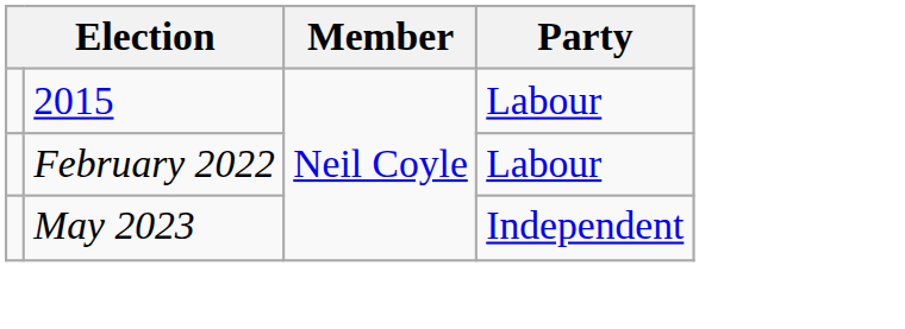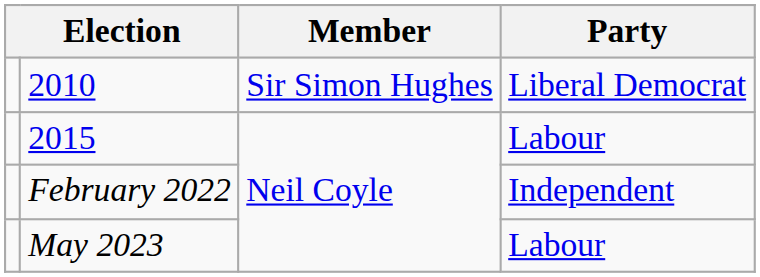 <table class="wikitable">
 <tr>
 <th colspan="2">Election</th>
 <th>Member</th>
 <th>Party</th>
+</tr>
+<tr>
+<td style="color:inherit;background-color: "></td>
+<td><a href='#'>2010</a></td>
+<td><a href='#'> Sir Simon Hughes</a></td>
+<td><a href='#'>Liberal Democrat</a></td>
 </tr>
 <tr>
 <td style="color:inherit;background-color: "></td>
 <td><a href='#'>2015</a></td>
 <td rowspan=3><a href='#'>Neil Coyle</a></td>
 <td><a href='#'>Labour</a></td>
 </tr>
 <tr>
 <td style="color:inherit;background-color: "></td>
 <td><em>February 2022</em></td>
-<td><a href='#'>Labour</a></td>
+<td><a href='#'>Independent</a></td>
 </tr>
 <tr>
 <td style="color:inherit;background-color: "></td>
 <td><em>May 2023</em></td>
-<td><a href='#'>Independent</a></td>
+<td><a href='#'>Labour</a></td>
 </tr>
 </table>
